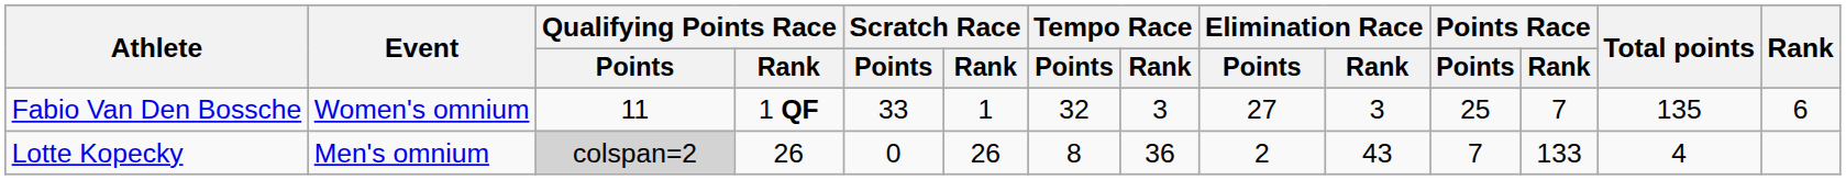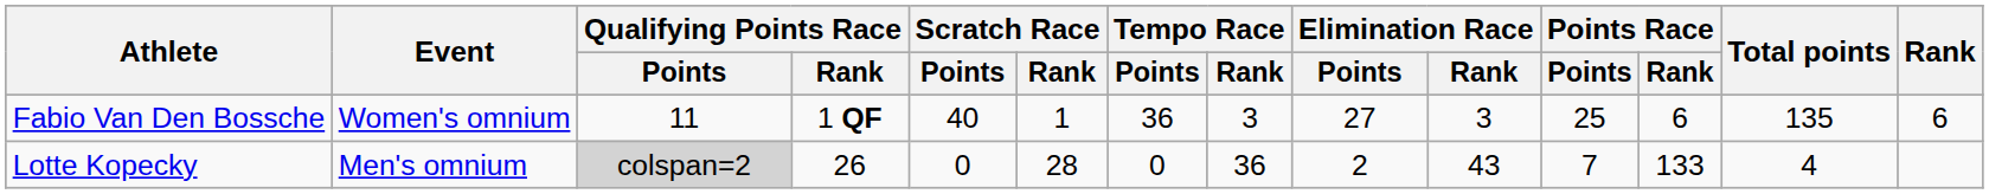 <table class="wikitable" style="font-size:90%">
 <tr>
 <th rowspan="2">Athlete</th>
 <th rowspan="2">Event</th>
 <th colspan=2>Qualifying Points Race</th>
 <th colspan=2>Scratch Race</th>
 <th colspan=2>Tempo Race</th>
 <th colspan=2>Elimination Race</th>
 <th colspan=2>Points Race</th>
 <th rowspan=2>Total points</th>
 <th rowspan=2>Rank</th>
 </tr>
 <tr style="font-size:95%">
 <th>Points</th>
 <th>Rank</th>
 <th>Points</th>
 <th>Rank</th>
 <th>Points</th>
 <th>Rank</th>
 <th>Points</th>
 <th>Rank</th>
 <th>Points</th>
 <th>Rank</th>
 </tr>
 <tr align=center>
 <td align=left><a href='#'>Fabio Van Den Bossche</a></td>
 <td align=left><a href='#'>Women's omnium</a></td>
 <td>11</td>
 <td>1 <strong>QF</strong></td>
-<td>33</td>
+<td>40</td>
 <td>1</td>
-<td>32</td>
+<td>36</td>
 <td>3</td>
 <td>27</td>
 <td>3</td>
 <td>25</td>
-<td>7</td>
+<td>6</td>
 <td>135</td>
 <td>6</td>
 </tr>
 <tr align=center>
 <td align=left><a href='#'>Lotte Kopecky</a></td>
 <td align=left><a href='#'>Men's omnium</a></td>
 <td style="background: lightgrey;">colspan=2</td>
 <td>26</td>
 <td>0</td>
-<td>26</td>
-<td>8</td>
+<td>28</td>
+<td>0</td>
 <td>36</td>
 <td>2</td>
 <td>43</td>
 <td>7</td>
 <td>133</td>
 <td>4</td>
 </tr>
 </table>
